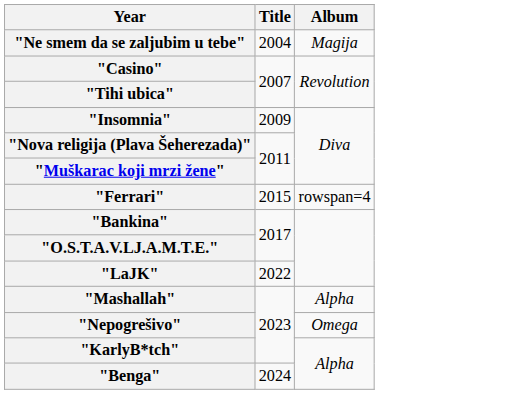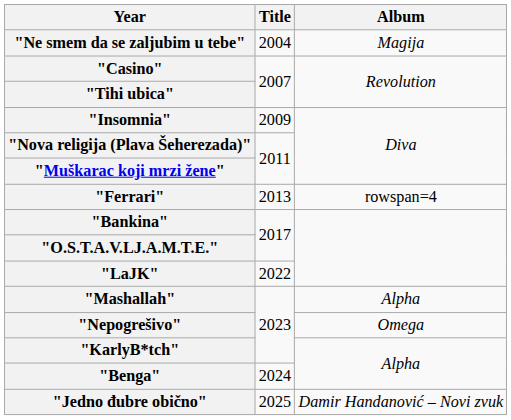 <table class="wikitable plainrowheaders" style="text-align:center;">
 <tr>
 <th>Year</th>
 <th>Title</th>
 <th>Album</th>
 </tr>
 <tr>
 <th scope="row">"Ne smem da se zaljubim u tebe"<br></th>
 <td>2004</td>
 <td><em>Magija</em></td>
 </tr>
 <tr>
 <th scope="row">"Casino"</th>
 <td rowspan=2>2007</td>
 <td rowspan=2><em>Revolution</em></td>
 </tr>
 <tr>
 <th scope="row">"Tihi ubica"</th>
 </tr>
 <tr>
 <th scope="row">"Insomnia"<br></th>
 <td>2009</td>
 <td rowspan=3><em>Diva</em></td>
 </tr>
 <tr>
 <th scope="row">"Nova religija (Plava Šeherezada)"</th>
 <td rowspan=2>2011</td>
 </tr>
 <tr>
 <th scope="row">"<a href='#'>Muškarac koji mrzi žene</a>"</th>
 </tr>
 <tr>
 <th scope="row">"Ferrari"<br></th>
-<td>2015</td>
+<td>2013</td>
 <td>rowspan=4 </td>
 </tr>
 <tr>
 <th scope="row">"Bankina"<br></th>
 <td rowspan=2>2017</td>
 </tr>
 <tr>
 <th scope="row">"O.S.T.A.V.LJ.A.M.T.E."<br></th>
 </tr>
 <tr>
 <th scope="row">"LaJK"<br></th>
 <td>2022</td>
 </tr>
 <tr>
 <th scope="row">"Mashallah"<br></th>
 <td rowspan="3">2023</td>
 <td><em>Alpha</em></td>
 </tr>
 <tr>
 <th scope="row">"Nepogrešivo"<br></th>
 <td><em>Omega</em></td>
 </tr>
 <tr>
 <th scope="row">"KarlyB*tch"</th>
 <td rowspan="2"><em>Alpha</em></td>
 </tr>
 <tr>
 <th scope="row">"Benga"</th>
 <td>2024</td>
 </tr>
+<tr>
+<th scope="row">"Jedno đubre obično"</th>
+<td>2025</td>
+<td><em>Damir Handanović – Novi zvuk</em></td>
+</tr>
 </table>
